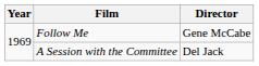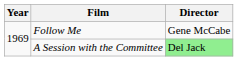 <table class="wikitable">
 <tr>
 <th>Year</th>
 <th>Film</th>
 <th>Director</th>
 </tr>
 <tr>
 <td rowspan=2>1969</td>
 <td><em>Follow Me</em></td>
 <td>Gene McCabe</td>
 </tr>
 <tr>
 <td><em>A Session with the Committee</em></td>
-<td>Del Jack</td>
+<td style="background: lightgreen;">Del Jack</td>
 </tr>
 </table>
